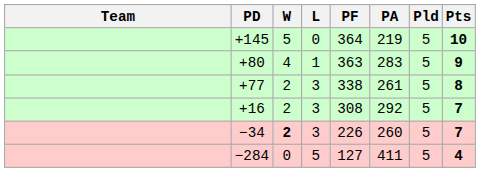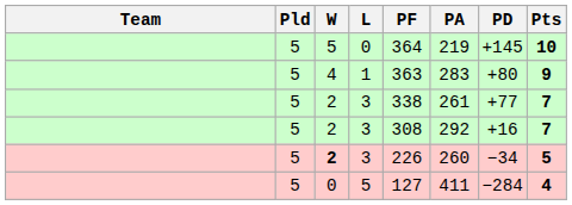 <table class="wikitable" style="text-align:center;" style="font-size:90%;">
 <tr>
 <th width=200>Team</th>
-<th width=30>PD</th>
+<th width=20>Pld</th>
 <th width=20>W</th>
 <th width=20>L</th>
 <th width=30>PF</th>
 <th width=30>PA</th>
-<th width=20>Pld</th>
+<th width=30>PD</th>
 <th width=20>Pts</th>
 </tr>
 <tr style="background:#cfc;">
 <td align=left></td>
-<td>+145</td>
+<td>5</td>
 <td>5</td>
 <td>0</td>
 <td>364</td>
 <td>219</td>
-<td>5</td>
+<td>+145</td>
 <td><strong>10</strong></td>
 </tr>
 <tr style="background:#cfc;">
 <td align=left></td>
-<td>+80</td>
+<td>5</td>
 <td>4</td>
 <td>1</td>
 <td>363</td>
 <td>283</td>
-<td>5</td>
+<td>+80</td>
 <td><strong>9</strong></td>
 </tr>
 <tr style="background:#cfc;">
 <td align=left></td>
-<td>+77</td>
+<td>5</td>
 <td>2</td>
 <td>3</td>
 <td>338</td>
 <td>261</td>
-<td>5</td>
-<td><strong>8</strong></td>
+<td>+77</td>
+<td><strong>7</strong></td>
 </tr>
 <tr style="background:#cfc;">
 <td align=left></td>
-<td>+16</td>
+<td>5</td>
 <td>2</td>
 <td>3</td>
 <td>308</td>
 <td>292</td>
-<td>5</td>
+<td>+16</td>
 <td><strong>7</strong></td>
 </tr>
 <tr style="background:#fcc;">
 <td align=left></td>
-<td>−34</td>
+<td>5</td>
 <td><strong>2</strong></td>
 <td>3</td>
 <td>226</td>
 <td>260</td>
-<td>5</td>
-<td><strong>7</strong></td>
+<td>−34</td>
+<td><strong>5</strong></td>
 </tr>
 <tr style="background:#fcc;">
 <td align=left></td>
-<td>−284</td>
+<td>5</td>
 <td>0</td>
 <td>5</td>
 <td>127</td>
 <td>411</td>
-<td>5</td>
+<td>−284</td>
 <td><strong>4</strong></td>
 </tr>
 </table>
